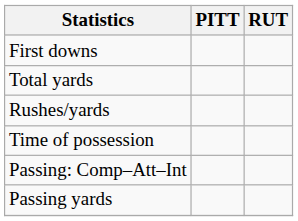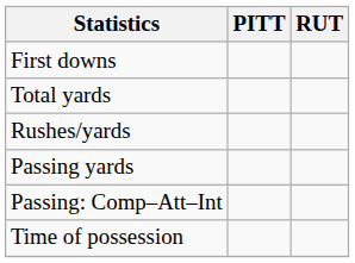 <table class="wikitable" style="float: left;">
 <tr>
 <th>Statistics</th>
 <th>PITT</th>
 <th>RUT</th>
 </tr>
 <tr>
 <td>First downs</td>
 <td></td>
 <td></td>
 </tr>
 <tr>
 <td>Total yards</td>
 <td></td>
 <td></td>
 </tr>
 <tr>
 <td>Rushes/yards</td>
 <td></td>
 <td></td>
 </tr>
 <tr>
-<td>Time of possession</td>
+<td>Passing yards</td>
 <td></td>
 <td></td>
 </tr>
 <tr>
 <td>Passing: Comp–Att–Int</td>
 <td></td>
 <td></td>
 </tr>
 <tr>
-<td>Passing yards</td>
+<td>Time of possession</td>
 <td></td>
 <td></td>
 </tr>
 <tr>
 </tr>
 </table>
